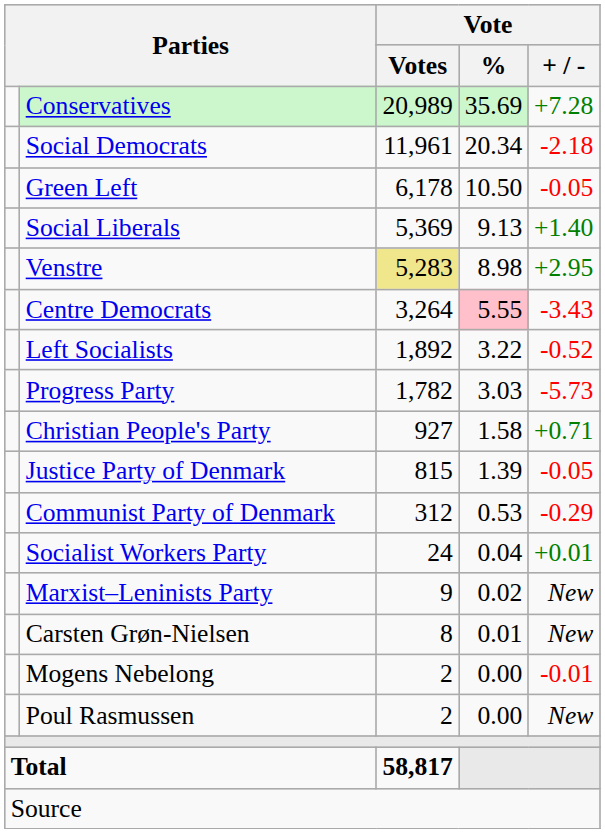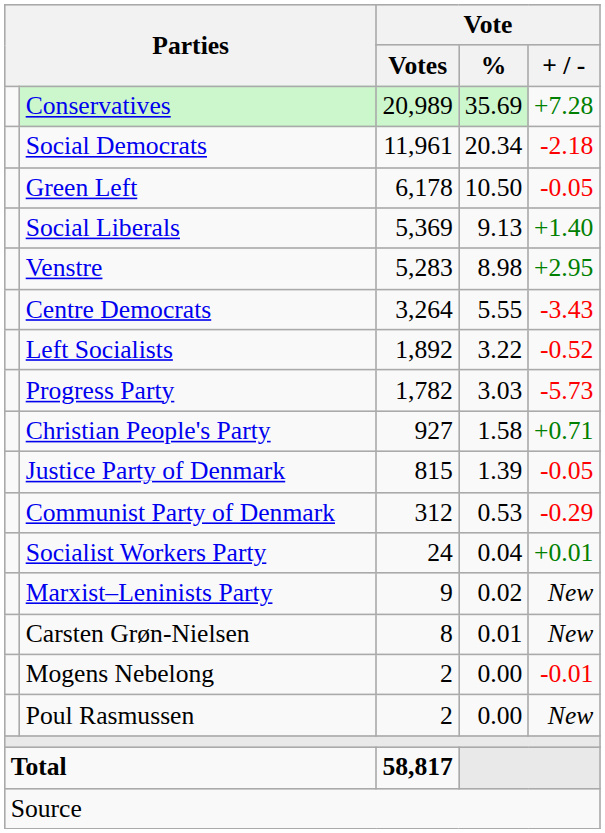 <table class="wikitable" style="text-align:right;">
 <tr>
 <th style="text-align:centre;" rowspan="2" colspan="2" width="225">Parties</th>
 <th colspan="3">Vote</th>
 </tr>
 <tr>
 <th width="15">Votes</th>
 <th width="15">%</th>
 <th width="15">+ / -</th>
 </tr>
 <tr>
 <td width="2" style="color:inherit;background:"></td>
 <td bgcolor=#ccf7cc  align="left"><a href='#'>Conservatives</a></td>
 <td bgcolor=#ccf7cc>20,989</td>
 <td bgcolor=#ccf7cc>35.69</td>
 <td style=color:green;>+7.28</td>
 </tr>
 <tr>
 <td width="2" style="color:inherit;background:"></td>
 <td align="left"><a href='#'>Social Democrats</a></td>
 <td>11,961</td>
 <td>20.34</td>
 <td style=color:red;>-2.18</td>
 </tr>
 <tr>
 <td width="2" style="color:inherit;background:"></td>
 <td align="left"><a href='#'>Green Left</a></td>
 <td>6,178</td>
 <td>10.50</td>
 <td style=color:red;>-0.05</td>
 </tr>
 <tr>
 <td width="2" style="color:inherit;background:"></td>
 <td align="left"><a href='#'>Social Liberals</a></td>
 <td>5,369</td>
 <td>9.13</td>
 <td style=color:green;>+1.40</td>
 </tr>
 <tr>
 <td width="2" style="color:inherit;background:"></td>
 <td align="left"><a href='#'>Venstre</a></td>
-<td style="background: khaki;">5,283</td>
+<td>5,283</td>
 <td>8.98</td>
 <td style=color:green;>+2.95</td>
 </tr>
 <tr>
 <td width="2" style="color:inherit;background:"></td>
 <td align="left"><a href='#'>Centre Democrats</a></td>
 <td>3,264</td>
-<td style="background: pink;">5.55</td>
+<td>5.55</td>
 <td style=color:red;>-3.43</td>
 </tr>
 <tr>
 <td width="2" style="color:inherit;background:"></td>
 <td align="left"><a href='#'>Left Socialists</a></td>
 <td>1,892</td>
 <td>3.22</td>
 <td style=color:red;>-0.52</td>
 </tr>
 <tr>
 <td width="2" style="color:inherit;background:"></td>
 <td align="left"><a href='#'>Progress Party</a></td>
 <td>1,782</td>
 <td>3.03</td>
 <td style=color:red;>-5.73</td>
 </tr>
 <tr>
 <td width="2" style="color:inherit;background:"></td>
 <td align="left"><a href='#'>Christian People's Party</a></td>
 <td>927</td>
 <td>1.58</td>
 <td style=color:green;>+0.71</td>
 </tr>
 <tr>
 <td width="2" style="color:inherit;background:"></td>
 <td align="left"><a href='#'>Justice Party of Denmark</a></td>
 <td>815</td>
 <td>1.39</td>
 <td style=color:red;>-0.05</td>
 </tr>
 <tr>
 <td width="2" style="color:inherit;background:"></td>
 <td align="left"><a href='#'>Communist Party of Denmark</a></td>
 <td>312</td>
 <td>0.53</td>
 <td style=color:red;>-0.29</td>
 </tr>
 <tr>
 <td width="2" style="color:inherit;background:"></td>
 <td align="left"><a href='#'>Socialist Workers Party</a></td>
 <td>24</td>
 <td>0.04</td>
 <td style=color:green;>+0.01</td>
 </tr>
 <tr>
 <td width="2" style="color:inherit;background:"></td>
 <td align="left"><a href='#'>Marxist–Leninists Party</a></td>
 <td>9</td>
 <td>0.02</td>
 <td><em>New</em></td>
 </tr>
 <tr>
 <td width="2" style="color:inherit;background:"></td>
 <td align="left">Carsten Grøn-Nielsen</td>
 <td>8</td>
 <td>0.01</td>
 <td><em>New</em></td>
 </tr>
 <tr>
 <td width="2" style="color:inherit;background:"></td>
 <td align="left">Mogens Nebelong</td>
 <td>2</td>
 <td>0.00</td>
 <td style=color:red;>-0.01</td>
 </tr>
 <tr>
 <td width="2" style="color:inherit;background:"></td>
 <td align="left">Poul Rasmussen</td>
 <td>2</td>
 <td>0.00</td>
 <td><em>New</em></td>
 </tr>
 <tr>
 <td colspan="7" bgcolor="#E9E9E9"></td>
 </tr>
 <tr>
 <td align="left" colspan="2"><strong>Total</strong></td>
 <td><strong>58,817</strong></td>
 <td bgcolor="#E9E9E9" colspan="2"></td>
 </tr>
 <tr>
 <td align="left" colspan="6">Source</td>
 </tr>
 </table>
